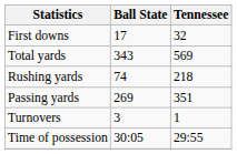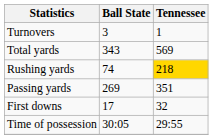 <table class="wikitable">
 <tr>
 <th>Statistics</th>
 <th>Ball State</th>
 <th>Tennessee</th>
 </tr>
 <tr>
-<td>First downs</td>
-<td>17</td>
-<td>32</td>
+<td>Turnovers</td>
+<td>3</td>
+<td>1</td>
 </tr>
 <tr>
 <td>Total yards</td>
 <td>343</td>
 <td>569</td>
 </tr>
 <tr>
 <td>Rushing yards</td>
 <td>74</td>
-<td>218</td>
+<td style="background: gold;">218</td>
 </tr>
 <tr>
 <td>Passing yards</td>
 <td>269</td>
 <td>351</td>
 </tr>
 <tr>
-<td>Turnovers</td>
-<td>3</td>
-<td>1</td>
+<td>First downs</td>
+<td>17</td>
+<td>32</td>
 </tr>
 <tr>
 <td>Time of possession</td>
 <td>30:05</td>
 <td>29:55</td>
 </tr>
 <tr>
 </tr>
 </table>
